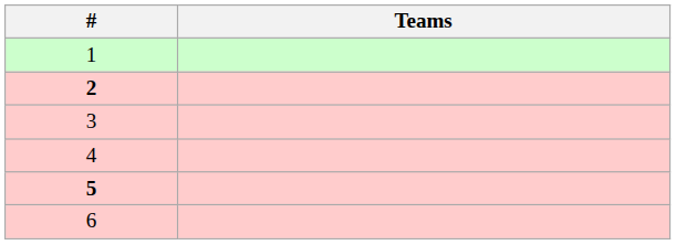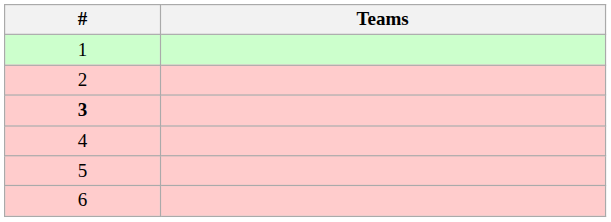 <table class="wikitable" width="40%" style="text-align:center;">
 <tr>
 <th width="7%">#</th>
 <th width="20%">Teams</th>
 </tr>
 <tr bgcolor="#cfc">
 <td>1</td>
 <td align="left"></td>
 </tr>
 <tr bgcolor="#fcc">
-<td><strong>2</strong></td>
+<td>2</td>
 <td align="left"></td>
 </tr>
 <tr bgcolor=#fcc>
-<td>3</td>
+<td><strong>3</strong></td>
 <td align="left"></td>
 </tr>
 <tr bgcolor=#fcc>
 <td>4</td>
 <td align="left"></td>
 </tr>
 <tr bgcolor=#fcc>
-<td><strong>5</strong></td>
+<td>5</td>
 <td align="left"></td>
 </tr>
 <tr bgcolor=#fcc>
 <td>6</td>
 <td align="left"></td>
 </tr>
 </table>
